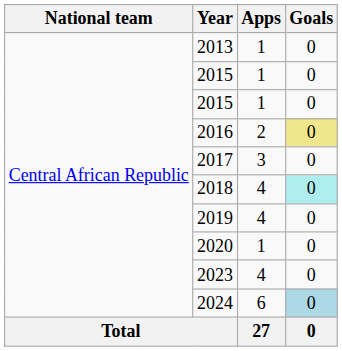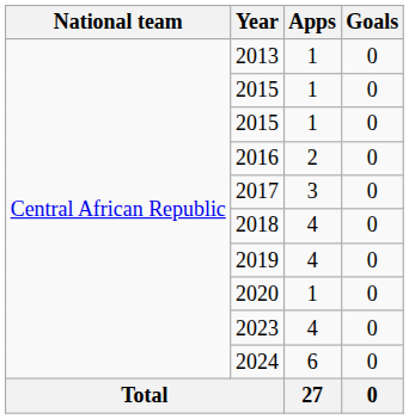 <table class="wikitable" style="text-align:center">
 <tr>
 <th>National team</th>
 <th>Year</th>
 <th>Apps</th>
 <th>Goals</th>
 </tr>
 <tr>
 <td rowspan="10"><a href='#'>Central African Republic</a></td>
 <td>2013</td>
 <td>1</td>
 <td>0</td>
 </tr>
 <tr>
 <td>2015</td>
 <td>1</td>
 <td>0</td>
 </tr>
 <tr>
 <td>2015</td>
 <td>1</td>
 <td>0</td>
 </tr>
 <tr>
 <td>2016</td>
 <td>2</td>
-<td style="background: khaki;">0</td>
+<td>0</td>
 </tr>
 <tr>
 <td>2017</td>
 <td>3</td>
 <td>0</td>
 </tr>
 <tr>
 <td>2018</td>
 <td>4</td>
-<td style="background: paleturquoise;">0</td>
+<td>0</td>
 </tr>
 <tr>
 <td>2019</td>
 <td>4</td>
 <td>0</td>
 </tr>
 <tr>
 <td>2020</td>
 <td>1</td>
 <td>0</td>
 </tr>
 <tr>
 <td>2023</td>
 <td>4</td>
 <td>0</td>
 </tr>
 <tr>
 <td>2024</td>
 <td>6</td>
-<td style="background: lightblue;">0</td>
+<td>0</td>
 </tr>
 <tr>
 <th colspan="2">Total</th>
 <th>27</th>
 <th>0</th>
 </tr>
 </table>
